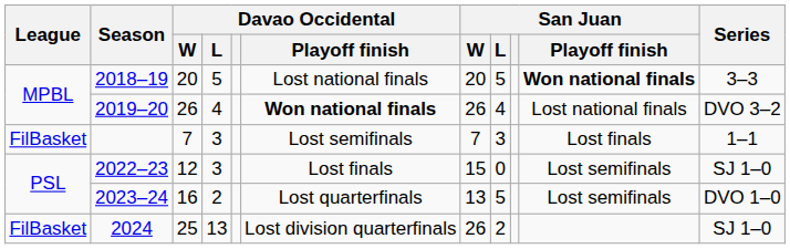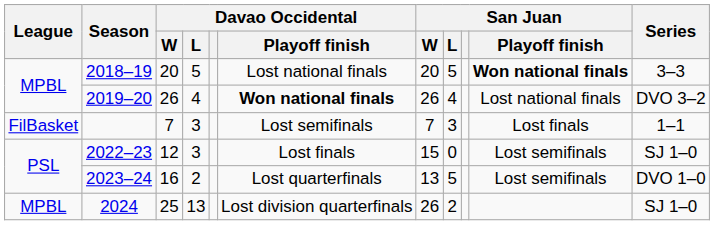 <table class="wikitable sortable" style="text-align:center">
 <tr>
 <th rowspan=2>League</th>
 <th rowspan=2>Season</th>
 <th colspan=4 class="unsortable">Davao Occidental</th>
 <th colspan=4 class="unsortable">San Juan</th>
 <th rowspan=2>Series</th>
 </tr>
 <tr>
 <th>W</th>
 <th>L</th>
 <th></th>
 <th class="unsortable">Playoff finish</th>
 <th>W</th>
 <th>L</th>
 <th></th>
 <th class="unsortable">Playoff finish</th>
 </tr>
 <tr>
 <td rowspan=2><a href='#'>MPBL</a></td>
 <td><a href='#'>2018–19</a></td>
 <td>20</td>
 <td>5</td>
 <td></td>
 <td>Lost national finals</td>
 <td>20</td>
 <td>5</td>
 <td></td>
 <td><strong>Won national finals</strong></td>
 <td>3–3</td>
 </tr>
 <tr>
 <td><a href='#'>2019–20</a></td>
 <td>26</td>
 <td>4</td>
 <td></td>
 <td><strong>Won national finals</strong></td>
 <td>26</td>
 <td>4</td>
 <td></td>
 <td>Lost national finals</td>
 <td>DVO 3–2</td>
 </tr>
 <tr>
 <td><a href='#'>FilBasket</a></td>
 <td></td>
 <td>7</td>
 <td>3</td>
 <td></td>
 <td>Lost semifinals</td>
 <td>7</td>
 <td>3</td>
 <td></td>
 <td>Lost finals</td>
 <td>1–1</td>
 </tr>
 <tr>
 <td rowspan=2><a href='#'>PSL</a></td>
 <td><a href='#'>2022–23</a></td>
 <td>12</td>
 <td>3</td>
 <td></td>
 <td>Lost finals</td>
 <td>15</td>
 <td>0</td>
 <td></td>
 <td>Lost semifinals</td>
 <td>SJ 1–0</td>
 </tr>
 <tr>
 <td><a href='#'>2023–24</a></td>
 <td>16</td>
 <td>2</td>
 <td></td>
 <td>Lost quarterfinals</td>
 <td>13</td>
 <td>5</td>
 <td></td>
 <td>Lost semifinals</td>
 <td>DVO 1–0</td>
 </tr>
 <tr>
-<td><a href='#'>FilBasket</a></td>
+<td><a href='#'>MPBL</a></td>
 <td><a href='#'>2024</a></td>
 <td>25</td>
 <td>13</td>
 <td></td>
 <td>Lost division quarterfinals</td>
 <td>26</td>
 <td>2</td>
 <td></td>
 <td></td>
 <td>SJ 1–0</td>
 </tr>
 </table>
